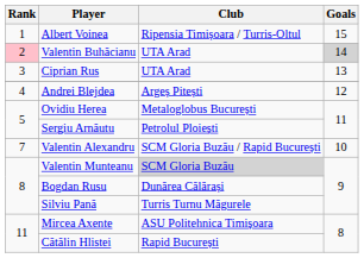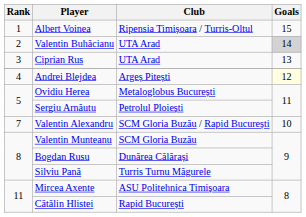 <table class="wikitable">
 <tr>
 <th>Rank</th>
 <th>Player</th>
 <th>Club</th>
 <th>Goals</th>
 </tr>
 <tr>
 <td rowspan="1" align="center">1</td>
 <td> <a href='#'>Albert Voinea</a></td>
 <td><a href='#'>Ripensia Timișoara</a> / <a href='#'>Turris-Oltul</a></td>
 <td rowspan="1" align="center">15</td>
 </tr>
 <tr>
-<td rowspan="1" align="center" style="background: pink;">2</td>
+<td rowspan="1" align="center">2</td>
 <td> <a href='#'>Valentin Buhăcianu</a></td>
 <td><a href='#'>UTA Arad</a></td>
 <td rowspan="1" align="center" style="background: lightgrey;">14</td>
 </tr>
 <tr>
 <td rowspan="1" align="center">3</td>
 <td> <a href='#'>Ciprian Rus</a></td>
 <td><a href='#'>UTA Arad</a></td>
 <td rowspan="1" align="center">13</td>
 </tr>
 <tr>
 </tr>
 <tr>
 <td rowspan="1" align="center">4</td>
 <td> <a href='#'>Andrei Blejdea</a></td>
 <td><a href='#'>Argeș Pitești</a></td>
-<td rowspan="1" align="center">12</td>
+<td rowspan="1" align="center" style="background: lightyellow;">12</td>
 </tr>
 <tr>
 <td rowspan="2" align="center">5</td>
 <td> <a href='#'>Ovidiu Herea</a></td>
 <td><a href='#'>Metaloglobus București</a></td>
 <td rowspan="2" align="center">11</td>
 </tr>
 <tr>
 <td> <a href='#'>Sergiu Arnăutu</a></td>
 <td><a href='#'>Petrolul Ploiești</a></td>
 </tr>
 <tr>
 <td rowspan="1" align="center">7</td>
 <td> <a href='#'>Valentin Alexandru</a></td>
 <td><a href='#'>SCM Gloria Buzău</a> / <a href='#'>Rapid București</a></td>
 <td rowspan="1" align="center">10</td>
 </tr>
 <tr>
 <td rowspan="3" align="center">8</td>
 <td> <a href='#'>Valentin Munteanu</a></td>
-<td style="background: lightgrey;"><a href='#'>SCM Gloria Buzău</a></td>
+<td><a href='#'>SCM Gloria Buzău</a></td>
 <td rowspan="3" align="center">9</td>
 </tr>
 <tr>
 <td> <a href='#'>Bogdan Rusu</a></td>
 <td><a href='#'>Dunărea Călărași</a></td>
 </tr>
 <tr>
 <td> <a href='#'>Silviu Pană</a></td>
 <td><a href='#'>Turris Turnu Măgurele</a></td>
 </tr>
 <tr>
 <td rowspan="2" align="center">11</td>
 <td> <a href='#'>Mircea Axente</a></td>
 <td><a href='#'>ASU Politehnica Timișoara</a></td>
 <td rowspan="2" align="center">8</td>
 </tr>
 <tr>
 <td> <a href='#'>Cătălin Hlistei</a></td>
 <td><a href='#'>Rapid București</a></td>
 </tr>
 </table>
